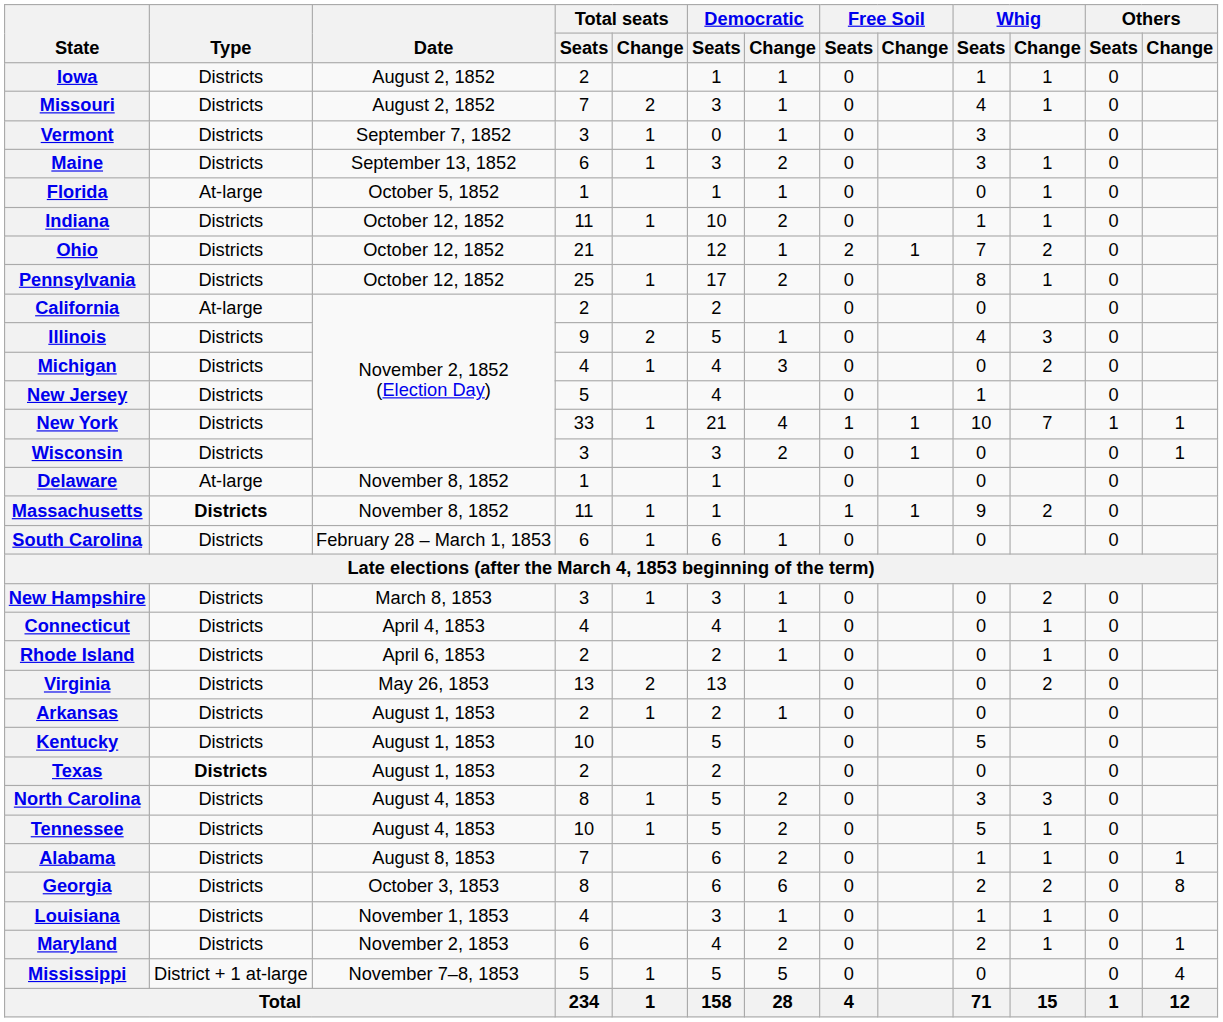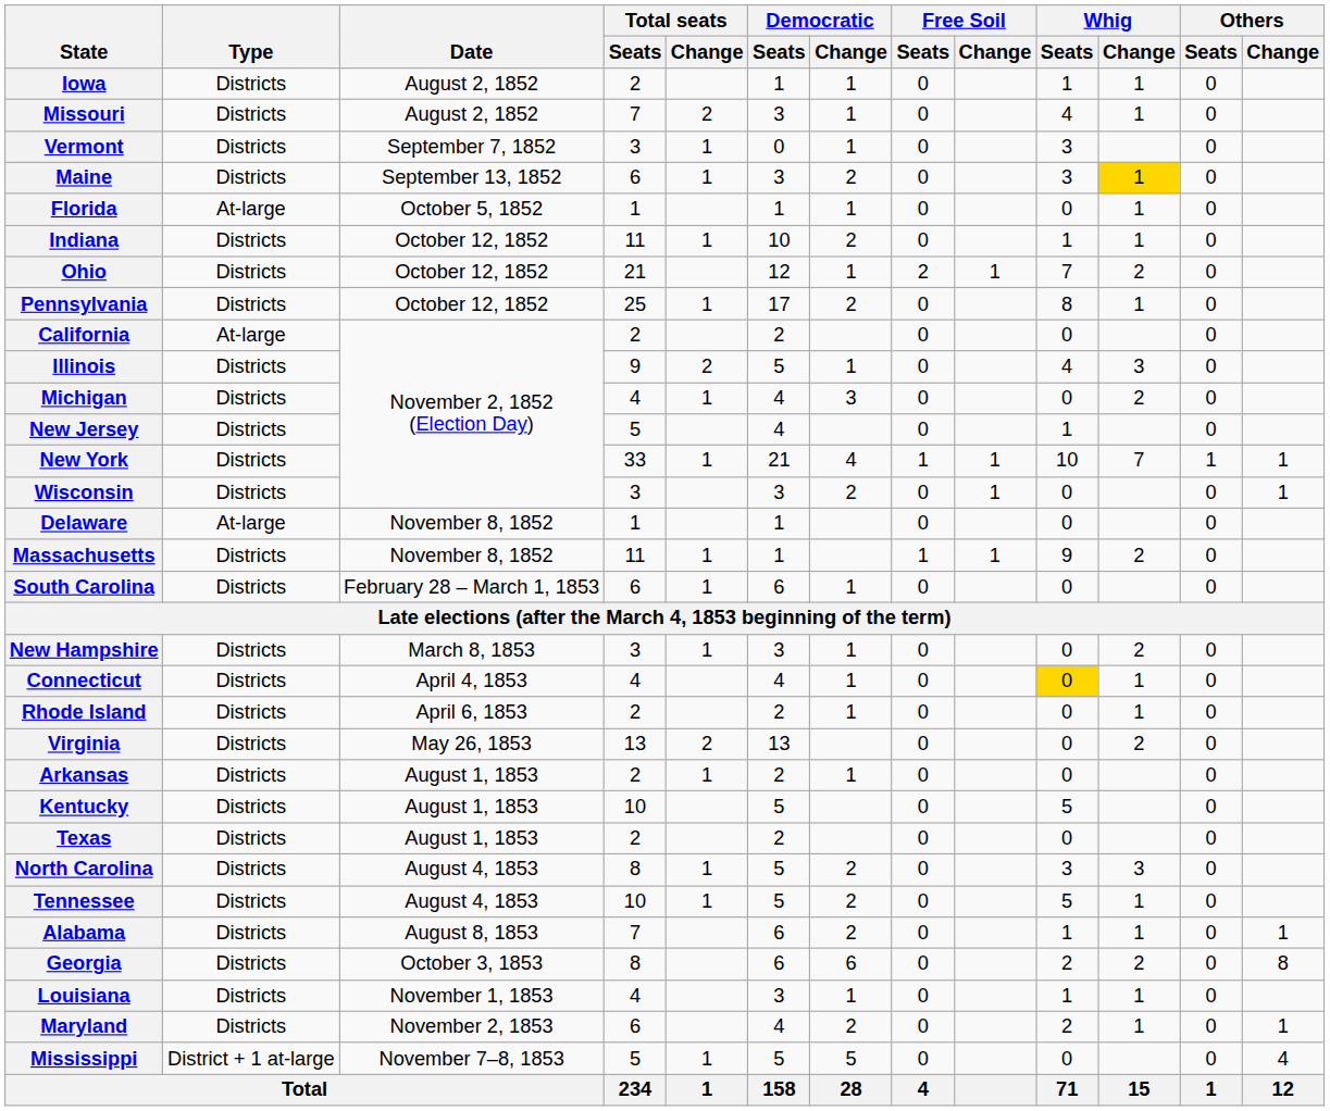 <table class="wikitable sortable" style="text-align:center">
 <tr valign=bottom>
 <th rowspan=2>State</th>
 <th rowspan=2>Type</th>
 <th rowspan=2>Date</th>
 <th colspan=2>Total seats</th>
 <th colspan=2 ><a href='#'>Democratic</a></th>
 <th colspan=2 ><a href='#'>Free Soil</a></th>
 <th colspan=2 ><a href='#'>Whig</a></th>
 <th colspan=2>Others</th>
 </tr>
 <tr>
 <th>Seats</th>
 <th>Change</th>
 <th>Seats</th>
 <th>Change</th>
 <th>Seats</th>
 <th>Change</th>
 <th>Seats</th>
 <th>Change</th>
 <th>Seats</th>
 <th>Change</th>
 </tr>
 <tr>
 <th><a href='#'>Iowa</a></th>
 <td>Districts</td>
 <td>August 2, 1852</td>
 <td>2</td>
 <td data sort-value=0></td>
 <td>1</td>
 <td>1</td>
 <td>0</td>
 <td></td>
 <td>1</td>
 <td>1</td>
 <td>0</td>
 <td data sort-value=0></td>
 </tr>
 <tr>
 <th><a href='#'>Missouri</a></th>
 <td>Districts</td>
 <td>August 2, 1852</td>
 <td>7</td>
 <td data-sort-value=2>2</td>
 <td>3</td>
 <td>1</td>
 <td>0</td>
 <td></td>
 <td>4</td>
 <td>1</td>
 <td>0</td>
 <td data sort-value=0></td>
 </tr>
 <tr>
 <th><a href='#'>Vermont</a></th>
 <td>Districts</td>
 <td>September 7, 1852</td>
 <td>3</td>
 <td data-sort-value=-1>1</td>
 <td>0</td>
 <td>1</td>
 <td>0</td>
 <td></td>
 <td>3</td>
 <td></td>
 <td>0</td>
 <td data sort-value=0></td>
 </tr>
 <tr>
 <th><a href='#'>Maine</a></th>
 <td>Districts</td>
 <td>September 13, 1852</td>
 <td>6</td>
 <td data-sort-value=-1>1</td>
 <td>3</td>
 <td>2</td>
 <td>0</td>
 <td></td>
 <td>3</td>
-<td>1</td>
+<td style="background: gold;">1</td>
 <td>0</td>
 <td data sort-value=0></td>
 </tr>
 <tr>
 <th><a href='#'>Florida</a></th>
 <td>At-large</td>
 <td>October 5, 1852</td>
 <td>1</td>
 <td data sort-value=0></td>
 <td>1</td>
 <td>1</td>
 <td>0</td>
 <td></td>
 <td>0</td>
 <td>1</td>
 <td>0</td>
 <td data sort-value=0></td>
 </tr>
 <tr>
 <th><a href='#'>Indiana</a></th>
 <td>Districts</td>
 <td>October 12, 1852</td>
 <td>11</td>
 <td data-sort-value=1>1</td>
 <td>10</td>
 <td>2</td>
 <td>0</td>
 <td></td>
 <td>1</td>
 <td>1</td>
 <td>0</td>
 <td data sort-value=0></td>
 </tr>
 <tr>
 <th><a href='#'>Ohio</a></th>
 <td>Districts</td>
 <td>October 12, 1852</td>
 <td>21</td>
 <td data sort-value=0></td>
 <td>12</td>
 <td>1</td>
 <td>2</td>
 <td>1</td>
 <td>7</td>
 <td>2</td>
 <td>0</td>
 <td data sort-value=0></td>
 </tr>
 <tr>
 <th><a href='#'>Pennsylvania</a></th>
 <td>Districts</td>
 <td>October 12, 1852</td>
 <td>25</td>
 <td data-sort-value=1>1</td>
 <td>17</td>
 <td>2</td>
 <td>0</td>
 <td></td>
 <td>8</td>
 <td>1</td>
 <td>0</td>
 <td data sort-value=0></td>
 </tr>
 <tr>
 <th><a href='#'>California</a></th>
 <td>At-large</td>
 <td rowspan=6 data-sort-value="November 2, 1852">November 2, 1852<br>(<a href='#'>Election Day</a>)</td>
 <td>2</td>
 <td data sort-value=0></td>
 <td>2</td>
 <td></td>
 <td>0</td>
 <td></td>
 <td>0</td>
 <td></td>
 <td>0</td>
 <td data sort-value=0></td>
 </tr>
 <tr>
 <th><a href='#'>Illinois</a></th>
 <td>Districts</td>
 <td>9</td>
 <td data-sort-value=2>2</td>
 <td>5</td>
 <td>1</td>
 <td>0</td>
 <td></td>
 <td>4</td>
 <td>3</td>
 <td>0</td>
 <td data sort-value=0></td>
 </tr>
 <tr>
 <th><a href='#'>Michigan</a></th>
 <td>Districts</td>
 <td>4</td>
 <td data-sort-value=1>1</td>
 <td>4</td>
 <td>3</td>
 <td>0</td>
 <td></td>
 <td>0</td>
 <td>2</td>
 <td>0</td>
 <td data sort-value=0></td>
 </tr>
 <tr>
 <th><a href='#'>New Jersey</a></th>
 <td>Districts</td>
 <td>5</td>
 <td data sort-value=0></td>
 <td>4</td>
 <td></td>
 <td>0</td>
 <td></td>
 <td>1</td>
 <td></td>
 <td>0</td>
 <td data sort-value=0></td>
 </tr>
 <tr>
 <th><a href='#'>New York</a></th>
 <td>Districts</td>
 <td>33</td>
 <td data-sort-value=-1>1</td>
 <td>21</td>
 <td>4</td>
 <td>1</td>
 <td>1</td>
 <td>10</td>
 <td>7</td>
 <td>1</td>
 <td data-sort-value=1>1</td>
 </tr>
 <tr>
 <th><a href='#'>Wisconsin</a></th>
 <td>Districts</td>
 <td>3</td>
 <td data sort-value=0></td>
 <td>3</td>
 <td>2</td>
 <td>0</td>
 <td>1</td>
 <td>0</td>
 <td></td>
 <td>0</td>
 <td data sort-value=0>1</td>
 </tr>
 <tr>
 <th><a href='#'>Delaware</a></th>
 <td>At-large</td>
 <td>November 8, 1852</td>
 <td>1</td>
 <td data sort-value=0></td>
 <td>1</td>
 <td></td>
 <td>0</td>
 <td></td>
 <td>0</td>
 <td></td>
 <td>0</td>
 <td data sort-value=0></td>
 </tr>
 <tr>
 <th><a href='#'>Massachusetts</a></th>
-<td><strong>Districts</strong></td>
+<td>Districts</td>
 <td>November 8, 1852</td>
 <td>11</td>
 <td data-sort-value=1>1</td>
 <td>1</td>
 <td></td>
 <td>1</td>
 <td>1</td>
 <td>9</td>
 <td>2</td>
 <td>0</td>
 <td data sort-value=0></td>
 </tr>
 <tr>
 <th><a href='#'>South Carolina</a></th>
 <td>Districts</td>
 <td data-sort-value="March 1, 1853">February 28 – March 1, 1853</td>
 <td>6</td>
 <td data-sort-value=-1>1</td>
 <td>6</td>
 <td>1</td>
 <td>0</td>
 <td></td>
 <td>0</td>
 <td></td>
 <td>0</td>
 <td data sort-value=0></td>
 </tr>
 <tr>
 <th data-sort-value="March 4, 1853" colspan=13 style="text-align:center">Late elections (after the March 4, 1853 beginning of the term)</th>
 </tr>
 <tr>
 <th><a href='#'>New Hampshire</a></th>
 <td>Districts</td>
 <td>March 8, 1853</td>
 <td>3</td>
 <td data-sort-value=-1>1</td>
 <td>3</td>
 <td>1</td>
 <td>0</td>
 <td></td>
 <td>0</td>
 <td>2</td>
 <td>0</td>
 <td data sort-value=0></td>
 </tr>
 <tr>
 <th><a href='#'>Connecticut</a></th>
 <td>Districts</td>
 <td>April 4, 1853</td>
 <td>4</td>
 <td data sort-value=0></td>
 <td>4</td>
 <td>1</td>
 <td>0</td>
 <td></td>
-<td>0</td>
+<td style="background: gold;">0</td>
 <td>1</td>
 <td>0</td>
 <td data sort-value=0></td>
 </tr>
 <tr>
 <th><a href='#'>Rhode Island</a></th>
 <td>Districts</td>
 <td>April 6, 1853</td>
 <td>2</td>
 <td data sort-value=0></td>
 <td>2</td>
 <td>1</td>
 <td>0</td>
 <td></td>
 <td>0</td>
 <td>1</td>
 <td>0</td>
 <td data sort-value=0></td>
 </tr>
 <tr>
 <th><a href='#'>Virginia</a></th>
 <td>Districts</td>
 <td>May 26, 1853</td>
 <td>13</td>
 <td data-sort-value=-2>2</td>
 <td>13</td>
 <td></td>
 <td>0</td>
 <td></td>
 <td>0</td>
 <td>2</td>
 <td>0</td>
 <td data sort-value=0></td>
 </tr>
 <tr>
 <th><a href='#'>Arkansas</a></th>
 <td>Districts</td>
 <td>August 1, 1853</td>
 <td>2</td>
 <td data-sort-value=1>1</td>
 <td>2</td>
 <td>1</td>
 <td>0</td>
 <td></td>
 <td>0</td>
 <td></td>
 <td>0</td>
 <td data sort-value=0></td>
 </tr>
 <tr>
 <th><a href='#'>Kentucky</a></th>
 <td>Districts</td>
 <td>August 1, 1853</td>
 <td>10</td>
 <td data sort-value=0></td>
 <td>5</td>
 <td></td>
 <td>0</td>
 <td></td>
 <td>5</td>
 <td></td>
 <td>0</td>
 <td data sort-value=0></td>
 </tr>
 <tr>
 <th><a href='#'>Texas</a></th>
-<td><strong>Districts</strong></td>
+<td>Districts</td>
 <td>August 1, 1853</td>
 <td>2</td>
 <td data sort-value=0></td>
 <td>2</td>
 <td></td>
 <td>0</td>
 <td></td>
 <td>0</td>
 <td></td>
 <td>0</td>
 <td data sort-value=0></td>
 </tr>
 <tr>
 <th><a href='#'>North Carolina</a></th>
 <td>Districts</td>
 <td>August 4, 1853</td>
 <td>8</td>
 <td data-sort-value=-1>1</td>
 <td>5</td>
 <td>2</td>
 <td>0</td>
 <td></td>
 <td>3</td>
 <td>3</td>
 <td>0</td>
 <td data sort-value=0></td>
 </tr>
 <tr>
 <th><a href='#'>Tennessee</a></th>
 <td>Districts</td>
 <td>August 4, 1853</td>
 <td>10</td>
 <td data-sort-value=-1>1</td>
 <td>5</td>
 <td>2</td>
 <td>0</td>
 <td></td>
 <td>5</td>
 <td>1</td>
 <td>0</td>
 <td data sort-value=0></td>
 </tr>
 <tr>
 <th><a href='#'>Alabama</a></th>
 <td>Districts</td>
 <td>August 8, 1853</td>
 <td>7</td>
 <td data sort-value=0></td>
 <td>6</td>
 <td>2</td>
 <td>0</td>
 <td></td>
 <td>1</td>
 <td>1</td>
 <td>0</td>
 <td data-sort-value=-1>1</td>
 </tr>
 <tr>
 <th><a href='#'>Georgia</a></th>
 <td>Districts</td>
 <td>October 3, 1853</td>
 <td>8</td>
 <td data sort-value=0></td>
 <td>6</td>
 <td>6</td>
 <td>0</td>
 <td></td>
 <td>2</td>
 <td>2</td>
 <td>0</td>
 <td data-sort-value=-8>8</td>
 </tr>
 <tr>
 <th><a href='#'>Louisiana</a></th>
 <td>Districts</td>
 <td>November 1, 1853</td>
 <td>4</td>
 <td data sort-value=0></td>
 <td>3</td>
 <td>1</td>
 <td>0</td>
 <td></td>
 <td>1</td>
 <td>1</td>
 <td>0</td>
 <td data sort-value=0></td>
 </tr>
 <tr>
 <th><a href='#'>Maryland</a></th>
 <td>Districts</td>
 <td>November 2, 1853</td>
 <td>6</td>
 <td data sort-value=0></td>
 <td>4</td>
 <td>2</td>
 <td>0</td>
 <td></td>
 <td>2</td>
 <td>1</td>
 <td>0</td>
 <td data sort-value=0>1</td>
 </tr>
 <tr>
 <th><a href='#'>Mississippi</a></th>
 <td>District + 1 at-large</td>
 <td data-sort-value="November 8, 1853">November 7–8, 1853</td>
 <td>5</td>
 <td data-sort-value=1>1</td>
 <td>5</td>
 <td>5</td>
 <td>0</td>
 <td></td>
 <td>0</td>
 <td></td>
 <td>0</td>
 <td data-sort-value=-4>4</td>
 </tr>
 <tr>
 <th colspan=3 style="text-align:center">Total</th>
 <th>234</th>
 <th>1</th>
 <th>158<br></th>
 <th>28</th>
 <th>4<br></th>
 <th></th>
 <th>71<br></th>
 <th>15</th>
 <th>1<br></th>
 <th>12</th>
 </tr>
 </table>
